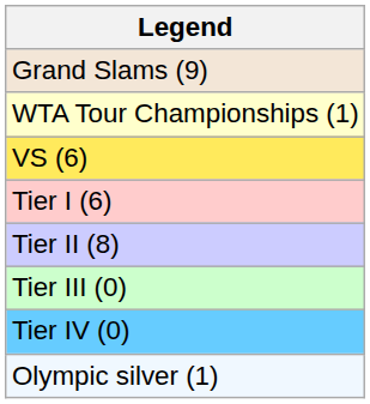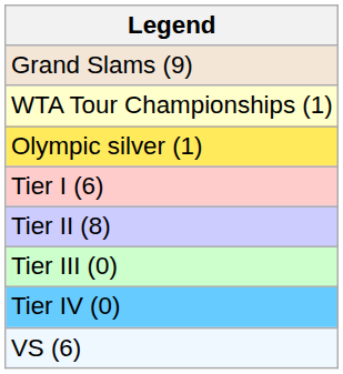 <table class=wikitable style="font-size:97%">
 <tr>
 <th>Legend</th>
 </tr>
 <tr style="background:#f3e6d7;">
 <td>Grand Slams (9)</td>
 </tr>
 <tr style="background:#ffc;">
 <td>WTA Tour Championships (1)</td>
 </tr>
 <tr style="background:#ffea5c;">
-<td>VS (6)</td>
+<td>Olympic silver (1)</td>
 </tr>
 <tr style="background:#fcc;">
 <td>Tier I (6)</td>
 </tr>
 <tr style="background:#ccf;">
 <td>Tier II (8)</td>
 </tr>
 <tr style="background:#cfc;">
 <td>Tier III (0)</td>
 </tr>
 <tr style="background:#6cf;">
 <td>Tier IV (0)</td>
 </tr>
 <tr style="background:#f0f8ff;">
-<td>Olympic silver (1)</td>
+<td>VS (6)</td>
 </tr>
 </table>
